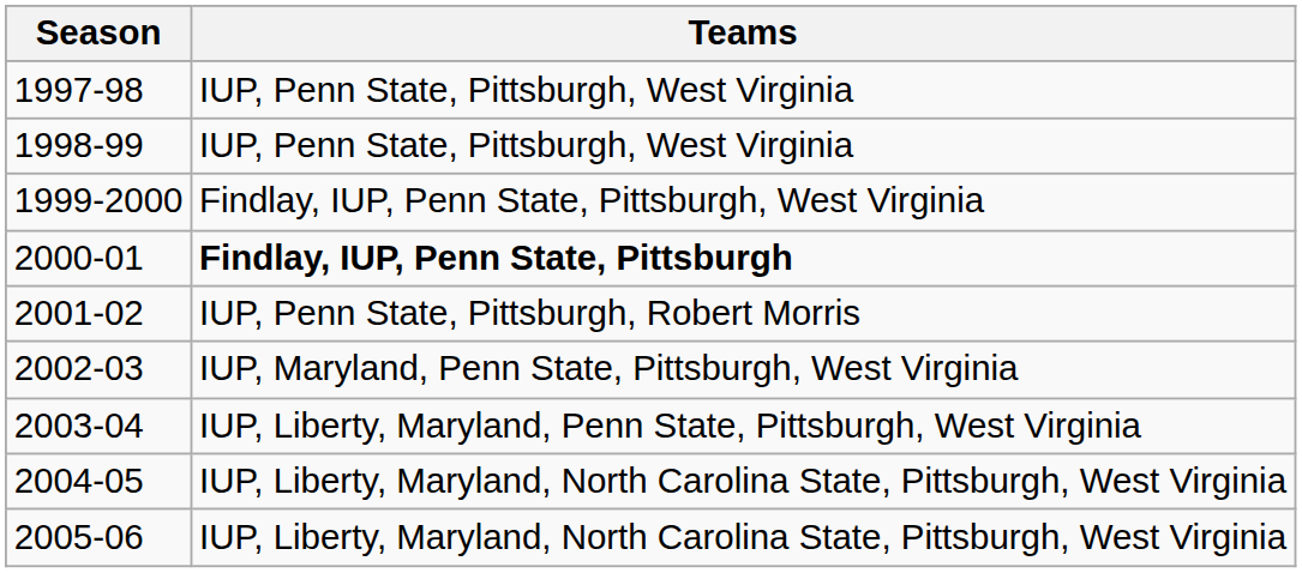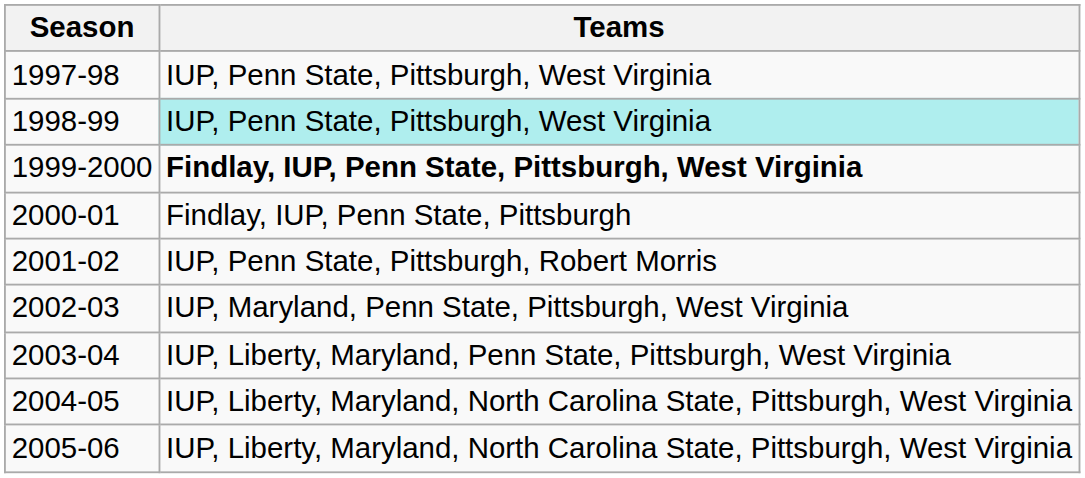 <table class="wikitable">
 <tr>
 <th>Season</th>
 <th>Teams</th>
 </tr>
 <tr>
 <td>1997-98</td>
 <td>IUP, Penn State, Pittsburgh, West Virginia</td>
 </tr>
 <tr>
 <td>1998-99</td>
-<td>IUP, Penn State, Pittsburgh, West Virginia</td>
+<td style="background: paleturquoise;">IUP, Penn State, Pittsburgh, West Virginia</td>
 </tr>
 <tr>
 <td>1999-2000</td>
-<td>Findlay, IUP, Penn State, Pittsburgh, West Virginia</td>
+<td><strong>Findlay, IUP, Penn State, Pittsburgh, West Virginia</strong></td>
 </tr>
 <tr>
 <td>2000-01</td>
-<td><strong>Findlay, IUP, Penn State, Pittsburgh</strong></td>
+<td>Findlay, IUP, Penn State, Pittsburgh</td>
 </tr>
 <tr>
 <td>2001-02</td>
 <td>IUP, Penn State, Pittsburgh, Robert Morris</td>
 </tr>
 <tr>
 <td>2002-03</td>
 <td>IUP, Maryland, Penn State, Pittsburgh, West Virginia</td>
 </tr>
 <tr>
 <td>2003-04</td>
 <td>IUP, Liberty, Maryland, Penn State, Pittsburgh, West Virginia</td>
 </tr>
 <tr>
 <td>2004-05</td>
 <td>IUP, Liberty, Maryland, North Carolina State, Pittsburgh, West Virginia</td>
 </tr>
 <tr>
 <td>2005-06</td>
 <td>IUP, Liberty, Maryland, North Carolina State, Pittsburgh, West Virginia</td>
 </tr>
 </table>
